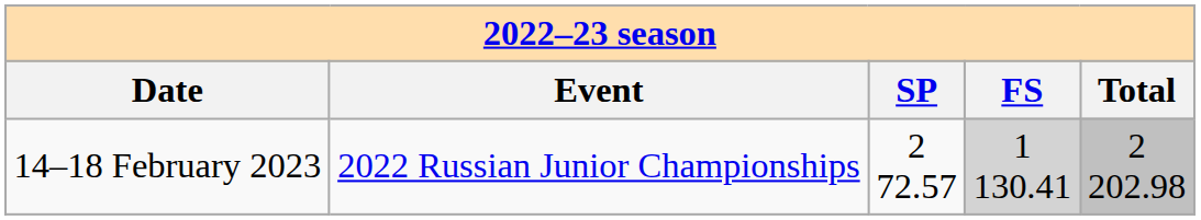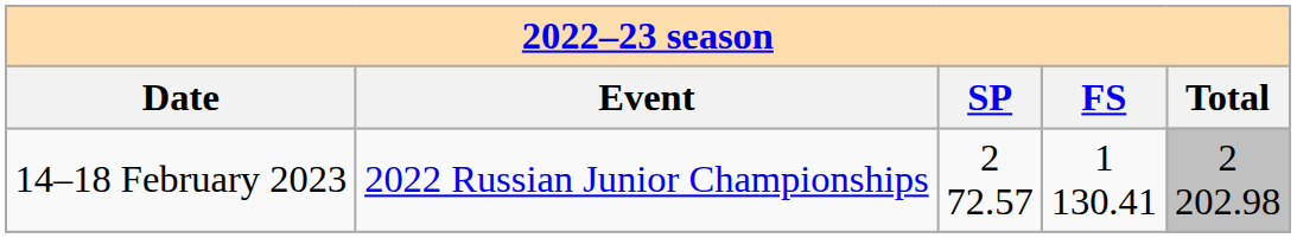 <table class="wikitable">
 <tr>
 <td style="background-color: #ffdead; " colspan=5 align=center><a href='#'><strong>2022–23 season</strong></a></td>
 </tr>
 <tr>
 <th>Date</th>
 <th>Event</th>
 <th><a href='#'>SP</a></th>
 <th><a href='#'>FS</a></th>
 <th>Total</th>
 </tr>
 <tr>
 <td>14–18 February 2023</td>
 <td><a href='#'>2022 Russian Junior Championships</a></td>
 <td align=center>2 <br> 72.57</td>
-<td align=center style="background: lightgrey;">1 <br> 130.41</td>
+<td align=center>1 <br> 130.41</td>
 <td align=center bgcolor=silver>2 <br> 202.98</td>
 </tr>
 </table>
